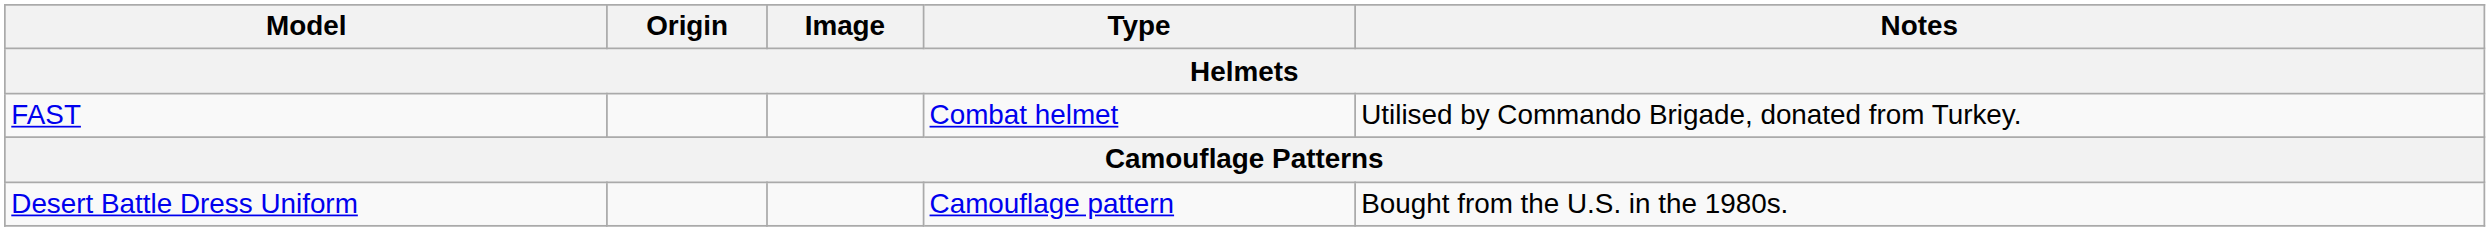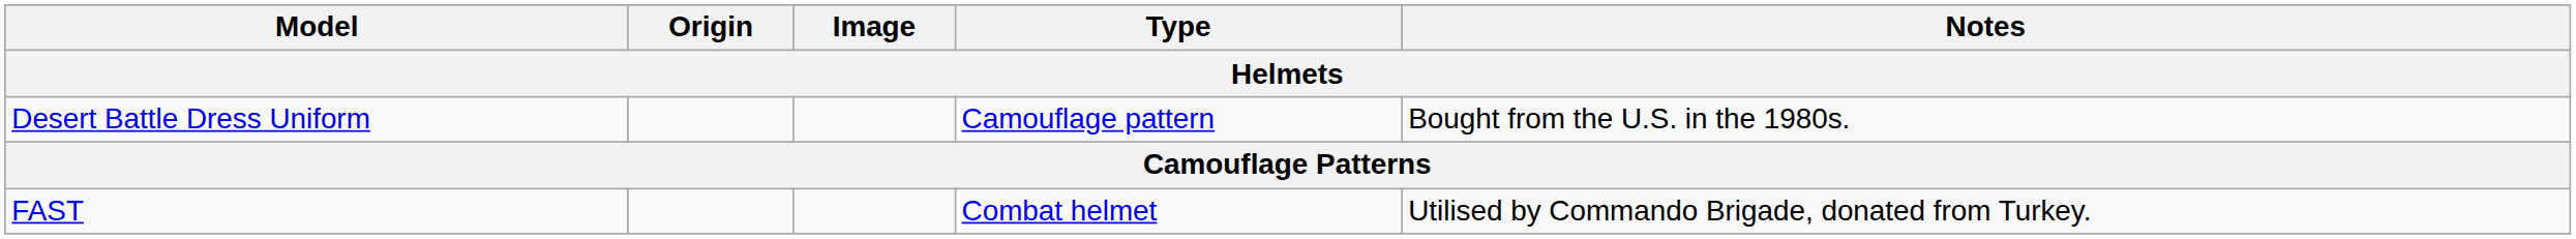 <table class="wikitable" style="width:90%;">
 <tr>
 <th>Model</th>
 <th>Origin</th>
 <th>Image</th>
 <th>Type</th>
 <th>Notes</th>
 </tr>
 <tr>
 <th colspan="5">Helmets</th>
 </tr>
 <tr>
+<td><a href='#'>Desert Battle Dress Uniform</a></td>
+<td><br></td>
+<td></td>
+<td><a href='#'>Camouflage pattern</a></td>
+<td>Bought from the U.S. in the 1980s.</td>
+</tr>
+<tr>
+<th colspan="5">Camouflage Patterns</th>
+</tr>
+<tr>
 <td><a href='#'>FAST</a></td>
 <td><br></td>
 <td></td>
 <td><a href='#'>Combat helmet</a></td>
 <td>Utilised by Commando Brigade, donated from Turkey.</td>
 </tr>
-<tr>
-<th colspan="5">Camouflage Patterns</th>
-</tr>
-<tr>
-<td><a href='#'>Desert Battle Dress Uniform</a></td>
-<td><br></td>
-<td></td>
-<td><a href='#'>Camouflage pattern</a></td>
-<td>Bought from the U.S. in the 1980s.</td>
-</tr>
 </table>
